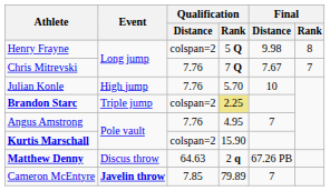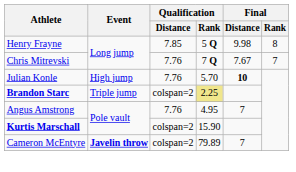 <table class="wikitable" style="font-size:90%;text-align:center">
 <tr>
 <th rowspan="2">Athlete</th>
 <th rowspan="2">Event</th>
 <th colspan="2">Qualification</th>
 <th colspan="2">Final</th>
 </tr>
 <tr style="font-size:95%">
 <th>Distance</th>
 <th>Rank</th>
 <th>Distance</th>
 <th>Rank</th>
 </tr>
 <tr>
 <td align="left"><a href='#'>Henry Frayne</a></td>
 <td rowspan="2" style="text-align:left;"><a href='#'>Long jump</a></td>
-<td>colspan=2 </td>
+<td>7.85</td>
 <td>5 <strong>Q</strong></td>
 <td>9.98</td>
 <td>8</td>
 </tr>
 <tr>
 <td align="left"><a href='#'>Chris Mitrevski</a></td>
 <td>7.76</td>
 <td>7 <strong>Q</strong></td>
 <td>7.67</td>
 <td>7</td>
 </tr>
 <tr>
 <td align="left"><a href='#'>Julian Konle</a></td>
 <td align="left"><a href='#'>High jump</a></td>
 <td>7.76</td>
 <td>5.70</td>
-<td>10</td>
+<td><strong>10</strong></td>
 </tr>
 <tr>
 <td align="left"><strong><a href='#'>Brandon Starc</a></strong></td>
 <td align="left"><a href='#'>Triple jump</a></td>
 <td>colspan=2 </td>
 <td style="background: khaki;">2.25</td>
 <td></td>
 </tr>
 <tr>
 <td align="left"><a href='#'>Angus Amstrong</a></td>
 <td rowspan="2" style="text-align:left;"><a href='#'>Pole vault</a></td>
 <td>7.76</td>
 <td>4.95</td>
 <td>7</td>
 </tr>
 <tr>
 <td align="left"><strong><a href='#'>Kurtis Marschall</a></strong></td>
 <td>colspan=2 </td>
 <td>15.90</td>
 <td></td>
 </tr>
 <tr>
-<td align="left"><strong><a href='#'>Matthew Denny</a></strong></td>
-<td align="left"><a href='#'>Discus throw</a></td>
-<td>64.63</td>
-<td>2 <strong>q</strong></td>
-<td>67.26 PB</td>
-<td></td>
-</tr>
-<tr>
 <td align="left"><a href='#'>Cameron McEntyre</a></td>
 <td align="left"><strong><a href='#'>Javelin throw</a></strong></td>
-<td>7.85</td>
+<td>colspan=2 </td>
 <td>79.89</td>
 <td>7</td>
 </tr>
 </table>
